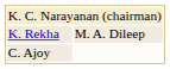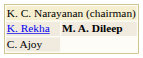 <table style="border: 1px solid #BEB168;background-color:#FDFCF6;">
 <tr>
 <td colspan="2" style="background-color:#F5EFD0;"> K. C. Narayanan (chairman)</td>
 </tr>
 <tr style="background-color:#F0EADF;">
 <td> <a href='#'>K. Rekha</a></td>
-<td> M. A. Dileep</td>
+<td><strong> M. A. Dileep</strong></td>
 </tr>
 <tr style="background-color:#F0EADF;">
 <td> C. Ajoy</td>
 </tr>
 </table>
